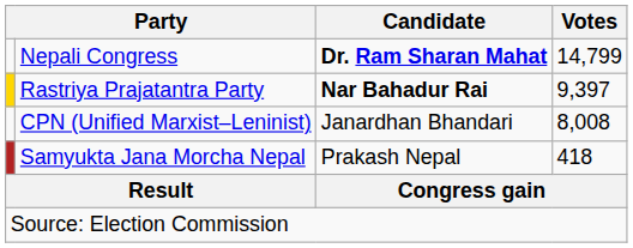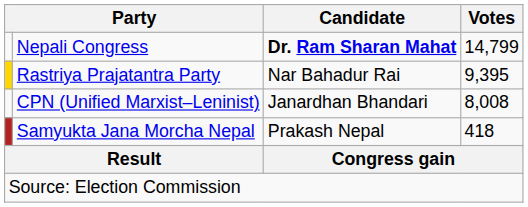 <table class="wikitable">
 <tr>
 <th colspan="2">Party</th>
 <th>Candidate</th>
 <th>Votes</th>
 </tr>
 <tr>
 <td style="background-color:"></td>
 <td><a href='#'>Nepali Congress</a></td>
 <td><strong>Dr. <a href='#'>Ram Sharan Mahat</a></strong></td>
 <td>14,799</td>
 </tr>
 <tr>
 <td style="background-color:gold"></td>
 <td><a href='#'>Rastriya Prajatantra Party</a></td>
-<td><strong>Nar Bahadur Rai</strong></td>
-<td>9,397</td>
+<td>Nar Bahadur Rai</td>
+<td>9,395</td>
 </tr>
 <tr>
 <td style="background-color:"></td>
 <td><a href='#'>CPN (Unified Marxist–Leninist)</a></td>
 <td>Janardhan Bhandari</td>
 <td>8,008</td>
 </tr>
 <tr>
 <td style="background-color:firebrick"></td>
 <td><a href='#'>Samyukta Jana Morcha Nepal</a></td>
 <td>Prakash Nepal</td>
 <td>418</td>
 </tr>
 <tr>
 <th colspan="2">Result</th>
 <th colspan="2">Congress gain</th>
 </tr>
 <tr>
 <td colspan="4">Source: Election Commission</td>
 </tr>
 </table>
